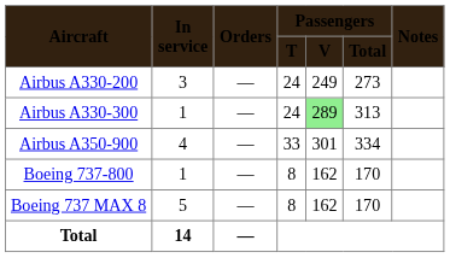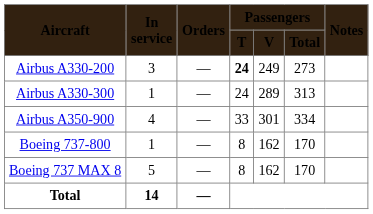 <table class="toccolours" border="1" cellpadding="5" style="margin:1em auto; border-collapse:collapse;text-align:center">
 <tr style="background:#322110;">
 <th rowspan=2><span>Aircraft</span></th>
 <th rowspan=2 style="width:25px;"><span>In service</span></th>
 <th rowspan=2 style="width:25px;"><span>Orders</span></th>
 <th colspan=3><span>Passengers</span></th>
 <th rowspan=2><span>Notes</span></th>
 </tr>
 <tr style="background:#322110;">
 <th><abbr><span>T</span></abbr></th>
 <th><abbr><span>V</span></abbr></th>
 <th><span>Total</span></th>
 </tr>
 <tr>
 <td><a href='#'>Airbus A330-200</a></td>
 <td>3</td>
 <td>—</td>
-<td>24</td>
+<td><strong>24</strong></td>
 <td>249</td>
 <td>273</td>
 <td></td>
 </tr>
 <tr>
 <td><a href='#'>Airbus A330-300</a></td>
 <td>1</td>
 <td>—</td>
 <td>24</td>
-<td style="background: lightgreen;">289</td>
+<td>289</td>
 <td>313</td>
 <td></td>
 </tr>
 <tr>
 <td><a href='#'>Airbus A350-900</a></td>
 <td>4</td>
 <td>—</td>
 <td>33</td>
 <td>301</td>
 <td>334</td>
 <td></td>
 </tr>
 <tr>
 <td><a href='#'>Boeing 737-800</a></td>
 <td>1</td>
 <td>—</td>
 <td>8</td>
 <td>162</td>
 <td>170</td>
 <td></td>
 </tr>
 <tr>
 <td><a href='#'>Boeing 737 MAX 8</a></td>
 <td>5</td>
 <td>—</td>
 <td>8</td>
 <td>162</td>
 <td>170</td>
 <td></td>
 </tr>
 <tr>
 <th>Total</th>
 <th>14</th>
 <th>—</th>
 <td colspan=4></td>
 </tr>
 </table>
